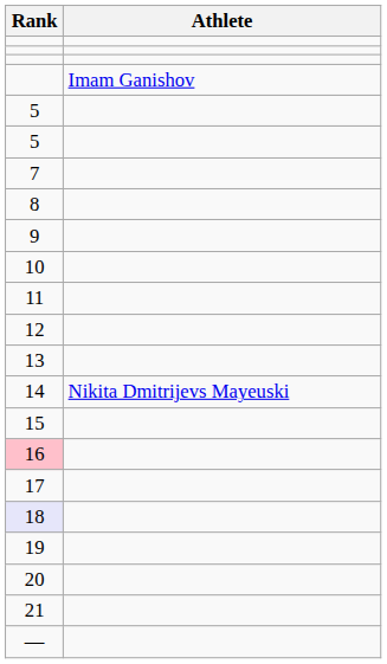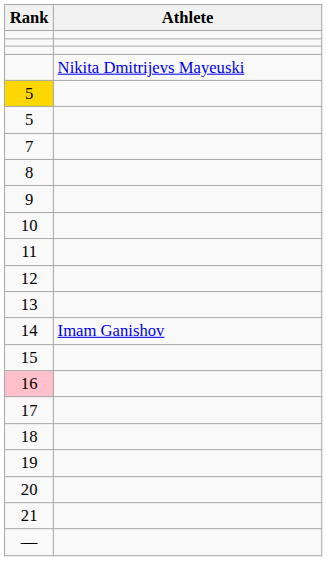 <table class="wikitable" style="text-align: center;">
 <tr>
 <th width=40>Rank</th>
 <th width=250>Athlete</th>
 </tr>
 <tr>
 <td></td>
 <td align="left"></td>
 </tr>
 <tr>
 <td></td>
 <td align="left"></td>
 </tr>
 <tr>
 <td></td>
 <td align="left"></td>
 </tr>
 <tr>
 <td></td>
-<td align="left"> <a href='#'>Imam Ganishov</a> </td>
+<td align="left"> <a href='#'>Nikita Dmitrijevs Mayeuski</a> </td>
 </tr>
 <tr>
-<td>5</td>
+<td style="background: gold;">5</td>
 <td align="left"></td>
 </tr>
 <tr>
 <td>5</td>
 <td align="left"></td>
 </tr>
 <tr>
 <td>7</td>
 <td align="left"></td>
 </tr>
 <tr>
 <td>8</td>
 <td align="left"></td>
 </tr>
 <tr>
 <td>9</td>
 <td align="left"></td>
 </tr>
 <tr>
 <td>10</td>
 <td align="left"></td>
 </tr>
 <tr>
 <td>11</td>
 <td align="left"></td>
 </tr>
 <tr>
 <td>12</td>
 <td align="left"></td>
 </tr>
 <tr>
 <td>13</td>
 <td align="left"></td>
 </tr>
 <tr>
 <td>14</td>
-<td align="left"> <a href='#'>Nikita Dmitrijevs Mayeuski</a> </td>
+<td align="left"> <a href='#'>Imam Ganishov</a> </td>
 </tr>
 <tr>
 <td>15</td>
 <td align="left"></td>
 </tr>
 <tr>
 <td style="background: pink;">16</td>
 <td align="left"></td>
 </tr>
 <tr>
 <td>17</td>
 <td align="left"></td>
 </tr>
 <tr>
-<td style="background: lavender;">18</td>
+<td>18</td>
 <td align="left"></td>
 </tr>
 <tr>
 <td>19</td>
 <td align="left"></td>
 </tr>
 <tr>
 <td>20</td>
 <td align="left"></td>
 </tr>
 <tr>
 <td>21</td>
 <td align="left"></td>
 </tr>
 <tr>
 <td>—</td>
 <td align="left"></td>
 </tr>
 </table>
